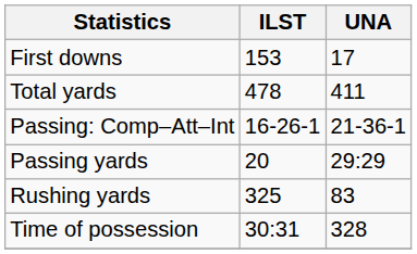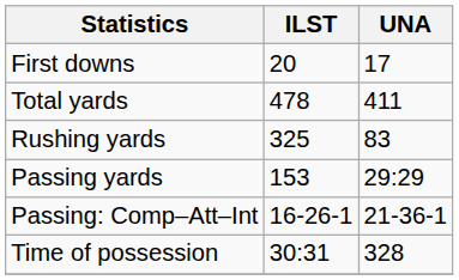 <table class="wikitable" style="float: left;">
 <tr>
 <th>Statistics</th>
 <th>ILST</th>
 <th>UNA</th>
 </tr>
 <tr>
 <td>First downs</td>
-<td>153</td>
+<td>20</td>
 <td>17</td>
 </tr>
 <tr>
 <td>Total yards</td>
 <td>478</td>
 <td>411</td>
 </tr>
 <tr>
+<td>Rushing yards</td>
+<td>325</td>
+<td>83</td>
+</tr>
+<tr>
+<td>Passing yards</td>
+<td>153</td>
+<td>29:29</td>
+</tr>
+<tr>
 <td>Passing: Comp–Att–Int</td>
 <td>16-26-1</td>
 <td>21-36-1</td>
-</tr>
-<tr>
-<td>Passing yards</td>
-<td>20</td>
-<td>29:29</td>
-</tr>
-<tr>
-<td>Rushing yards</td>
-<td>325</td>
-<td>83</td>
 </tr>
 <tr>
 <td>Time of possession</td>
 <td>30:31</td>
 <td>328</td>
 </tr>
 <tr>
 </tr>
 </table>
